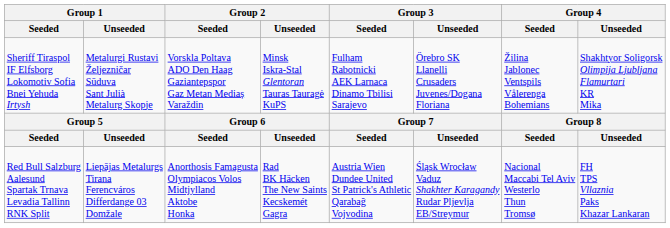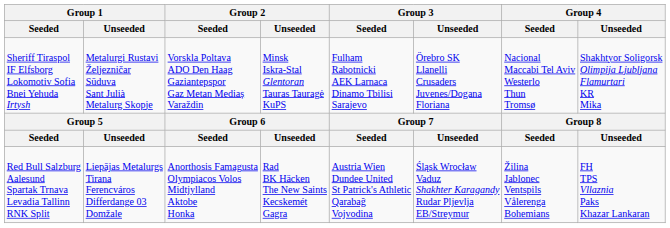 <table class="wikitable" style="font-size:85%;">
 <tr>
 <th colspan=2>Group 1</th>
 <th colspan=2>Group 2</th>
 <th colspan=2>Group 3</th>
 <th colspan=2>Group 4</th>
 </tr>
 <tr>
 <th>Seeded</th>
 <th>Unseeded</th>
 <th>Seeded</th>
 <th>Unseeded</th>
 <th>Seeded</th>
 <th>Unseeded</th>
 <th>Seeded</th>
 <th>Unseeded</th>
 </tr>
 <tr>
 <td valign=top><br> <a href='#'>Sheriff Tiraspol</a><br>  <a href='#'>IF Elfsborg</a><br>  <a href='#'>Lokomotiv Sofia</a><br>  <a href='#'>Bnei Yehuda</a><br>  <em><a href='#'>Irtysh</a></em></td>
 <td valign=top><br> <a href='#'>Metalurgi Rustavi</a><br>  <a href='#'>Željezničar</a><br>  <a href='#'>Sūduva</a><br>  <a href='#'>Sant Julià</a><br>  <a href='#'>Metalurg Skopje</a></td>
 <td valign=top><br> <a href='#'>Vorskla Poltava</a><br>  <a href='#'>ADO Den Haag</a><br>  <a href='#'>Gaziantepspor</a><br>  <a href='#'>Gaz Metan Mediaș</a><br>  <a href='#'>Varaždin</a></td>
 <td valign=top><br> <a href='#'>Minsk</a><br>  <a href='#'>Iskra-Stal</a><br>  <em><a href='#'>Glentoran</a></em><br>  <a href='#'>Tauras Tauragė</a><br>  <a href='#'>KuPS</a></td>
 <td valign=top><br> <a href='#'>Fulham</a><br>  <a href='#'>Rabotnicki</a><br>  <a href='#'>AEK Larnaca</a><br>  <a href='#'>Dinamo Tbilisi</a><br>  <a href='#'>Sarajevo</a></td>
 <td valign=top><br> <a href='#'>Örebro SK</a><br>  <a href='#'>Llanelli</a><br>  <a href='#'>Crusaders</a><br>  <a href='#'>Juvenes/Dogana</a><br>  <a href='#'>Floriana</a></td>
-<td valign=top><br> <a href='#'>Žilina</a><br>  <a href='#'>Jablonec</a><br>  <a href='#'>Ventspils</a><br>  <a href='#'>Vålerenga</a><br>  <a href='#'>Bohemians</a></td>
+<td valign=top><br> <a href='#'>Nacional</a><br>  <a href='#'>Maccabi Tel Aviv</a><br>  <a href='#'>Westerlo</a><br>  <a href='#'>Thun</a><br>  <a href='#'>Tromsø</a></td>
 <td valign=top><br> <a href='#'>Shakhtyor Soligorsk</a><br>  <em><a href='#'>Olimpija Ljubljana</a></em><br>  <em><a href='#'>Flamurtari</a></em><br>  <a href='#'>KR</a><br>  <a href='#'>Mika</a></td>
 </tr>
 <tr>
 <th colspan=2>Group 5</th>
 <th colspan=2>Group 6</th>
 <th colspan=2>Group 7</th>
 <th colspan=2>Group 8</th>
 </tr>
 <tr>
 <th>Seeded</th>
 <th>Unseeded</th>
 <th>Seeded</th>
 <th>Unseeded</th>
 <th>Seeded</th>
 <th>Unseeded</th>
 <th>Seeded</th>
 <th>Unseeded</th>
 </tr>
 <tr>
 <td valign=top><br> <a href='#'>Red Bull Salzburg</a><br>  <a href='#'>Aalesund</a><br>  <a href='#'>Spartak Trnava</a><br>  <a href='#'>Levadia Tallinn</a><br>  <a href='#'>RNK Split</a></td>
 <td valign=top><br> <a href='#'>Liepājas Metalurgs</a><br>  <a href='#'>Tirana</a><br>  <a href='#'>Ferencváros</a><br>  <a href='#'>Differdange 03</a><br>  <a href='#'>Domžale</a></td>
 <td valign=top><br> <a href='#'>Anorthosis Famagusta</a><br>  <a href='#'>Olympiacos Volos</a><br>  <a href='#'>Midtjylland</a><br>  <a href='#'>Aktobe</a><br>  <a href='#'>Honka</a></td>
 <td valign=top><br> <a href='#'>Rad</a><br>  <a href='#'>BK Häcken</a><br>  <a href='#'>The New Saints</a><br>  <a href='#'>Kecskemét</a><br>  <a href='#'>Gagra</a></td>
 <td valign=top><br> <a href='#'>Austria Wien</a><br>  <a href='#'>Dundee United</a><br>  <a href='#'>St Patrick's Athletic</a><br>  <a href='#'>Qarabağ</a><br>  <a href='#'>Vojvodina</a></td>
 <td valign=top><br> <a href='#'>Śląsk Wrocław</a><br>  <a href='#'>Vaduz</a><br>  <em><a href='#'>Shakhter Karagandy</a></em><br>  <a href='#'>Rudar Pljevlja</a><br>  <a href='#'>EB/Streymur</a></td>
-<td valign=top><br> <a href='#'>Nacional</a><br>  <a href='#'>Maccabi Tel Aviv</a><br>  <a href='#'>Westerlo</a><br>  <a href='#'>Thun</a><br>  <a href='#'>Tromsø</a></td>
+<td valign=top><br> <a href='#'>Žilina</a><br>  <a href='#'>Jablonec</a><br>  <a href='#'>Ventspils</a><br>  <a href='#'>Vålerenga</a><br>  <a href='#'>Bohemians</a></td>
 <td valign=top><br> <a href='#'>FH</a><br>  <a href='#'>TPS</a><br>  <em><a href='#'>Vllaznia</a></em><br>  <a href='#'>Paks</a><br>  <a href='#'>Khazar Lankaran</a></td>
 </tr>
 </table>
